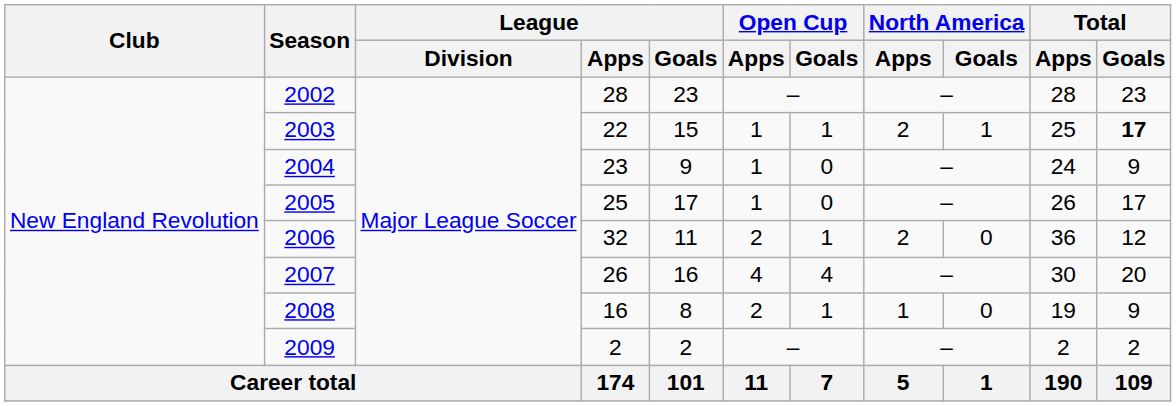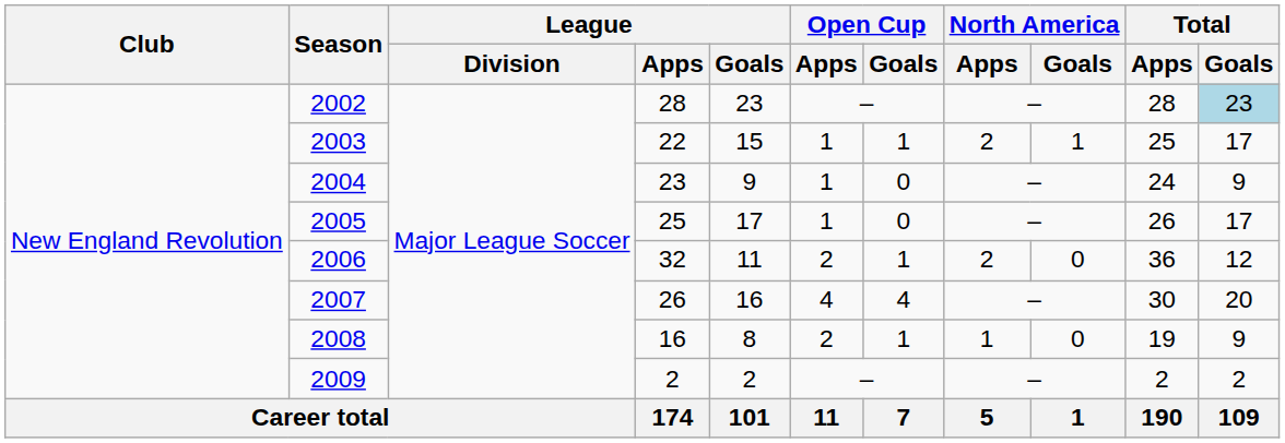 <table class="wikitable" style="text-align:center">
 <tr>
 <th rowspan="2">Club</th>
 <th rowspan="2">Season</th>
 <th colspan="3">League</th>
 <th colspan="2"><a href='#'>Open Cup</a></th>
 <th colspan="2"><a href='#'>North America</a></th>
 <th colspan="2">Total</th>
 </tr>
 <tr>
 <th>Division</th>
 <th>Apps</th>
 <th>Goals</th>
 <th>Apps</th>
 <th>Goals</th>
 <th>Apps</th>
 <th>Goals</th>
 <th>Apps</th>
 <th>Goals</th>
 </tr>
 <tr>
 <td rowspan="8"><a href='#'>New England Revolution</a></td>
 <td><a href='#'>2002</a></td>
 <td rowspan="8"><a href='#'>Major League Soccer</a></td>
 <td>28</td>
 <td>23</td>
 <td colspan="2">–</td>
 <td colspan="2">–</td>
 <td>28</td>
-<td>23</td>
+<td style="background: lightblue;">23</td>
 </tr>
 <tr>
 <td><a href='#'>2003</a></td>
 <td>22</td>
 <td>15</td>
 <td>1</td>
 <td>1</td>
 <td>2</td>
 <td>1</td>
 <td>25</td>
-<td><strong>17</strong></td>
+<td>17</td>
 </tr>
 <tr>
 <td><a href='#'>2004</a></td>
 <td>23</td>
 <td>9</td>
 <td>1</td>
 <td>0</td>
 <td colspan="2">–</td>
 <td>24</td>
 <td>9</td>
 </tr>
 <tr>
 <td><a href='#'>2005</a></td>
 <td>25</td>
 <td>17</td>
 <td>1</td>
 <td>0</td>
 <td colspan="2">–</td>
 <td>26</td>
 <td>17</td>
 </tr>
 <tr>
 <td><a href='#'>2006</a></td>
 <td>32</td>
 <td>11</td>
 <td>2</td>
 <td>1</td>
 <td>2</td>
 <td>0</td>
 <td>36</td>
 <td>12</td>
 </tr>
 <tr>
 <td><a href='#'>2007</a></td>
 <td>26</td>
 <td>16</td>
 <td>4</td>
 <td>4</td>
 <td colspan="2">–</td>
 <td>30</td>
 <td>20</td>
 </tr>
 <tr>
 <td><a href='#'>2008</a></td>
 <td>16</td>
 <td>8</td>
 <td>2</td>
 <td>1</td>
 <td>1</td>
 <td>0</td>
 <td>19</td>
 <td>9</td>
 </tr>
 <tr>
 <td><a href='#'>2009</a></td>
 <td>2</td>
 <td>2</td>
 <td colspan="2">–</td>
 <td colspan="2">–</td>
 <td>2</td>
 <td>2</td>
 </tr>
 <tr>
 <th colspan="3">Career total</th>
 <th>174</th>
 <th>101</th>
 <th>11</th>
 <th>7</th>
 <th>5</th>
 <th>1</th>
 <th>190</th>
 <th>109</th>
 </tr>
 </table>
